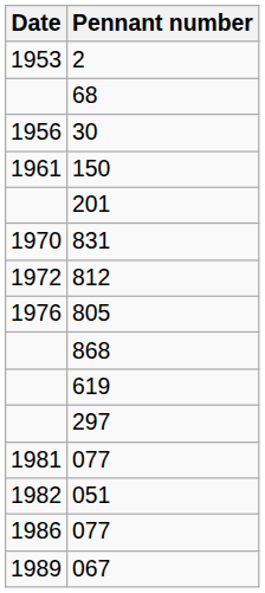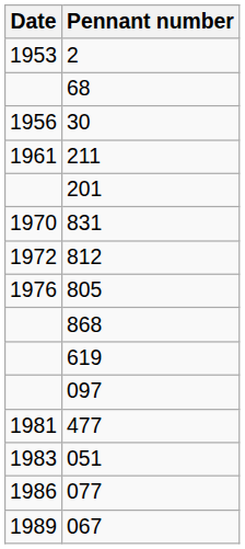 <table class="wikitable">
 <tr>
 <th>Date</th>
 <th>Pennant number</th>
 </tr>
 <tr>
 <td>1953</td>
 <td>2</td>
 </tr>
 <tr>
 <td></td>
 <td>68</td>
 </tr>
 <tr>
 <td>1956</td>
 <td>30</td>
 </tr>
 <tr>
 <td>1961</td>
-<td>150</td>
+<td>211</td>
 </tr>
 <tr>
 <td></td>
 <td>201</td>
 </tr>
 <tr>
 <td>1970</td>
 <td>831</td>
 </tr>
 <tr>
 <td>1972</td>
 <td>812</td>
 </tr>
 <tr>
 <td>1976</td>
 <td>805</td>
 </tr>
 <tr>
 <td></td>
 <td>868</td>
 </tr>
 <tr>
 <td></td>
 <td>619</td>
 </tr>
 <tr>
 <td></td>
-<td>297</td>
+<td>097</td>
 </tr>
 <tr>
 <td>1981</td>
-<td>077</td>
+<td>477</td>
 </tr>
 <tr>
-<td>1982</td>
+<td>1983</td>
 <td>051</td>
 </tr>
 <tr>
 <td>1986</td>
 <td>077</td>
 </tr>
 <tr>
 <td>1989</td>
 <td>067</td>
 </tr>
 </table>
